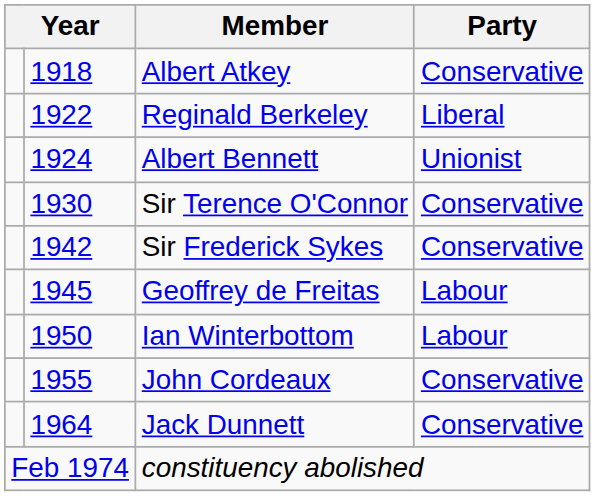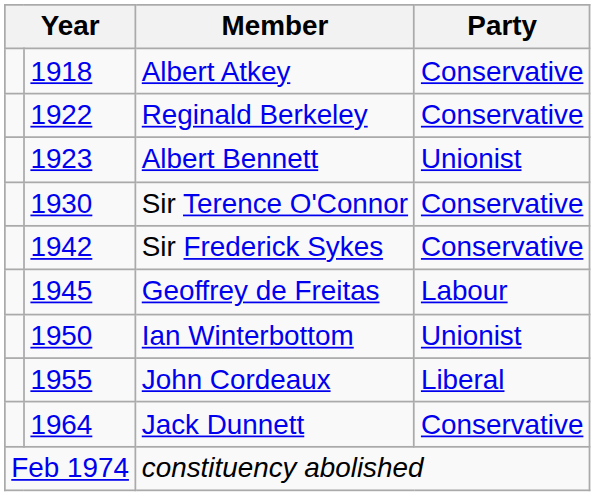 <table class="wikitable">
 <tr>
 <th colspan="2">Year</th>
 <th>Member</th>
 <th>Party</th>
 </tr>
 <tr>
 <td style="color:inherit;background-color: "></td>
 <td><a href='#'>1918</a></td>
 <td><a href='#'>Albert Atkey</a></td>
 <td><a href='#'>Conservative</a></td>
 </tr>
 <tr>
 <td style="color:inherit;background-color: "></td>
 <td><a href='#'>1922</a></td>
 <td><a href='#'>Reginald Berkeley</a></td>
-<td><a href='#'>Liberal</a></td>
+<td><a href='#'>Conservative</a></td>
 </tr>
 <tr>
 <td style="color:inherit;background-color: "></td>
-<td><a href='#'>1924</a></td>
+<td><a href='#'>1923</a></td>
 <td><a href='#'>Albert Bennett</a></td>
 <td><a href='#'>Unionist</a></td>
 </tr>
 <tr>
 <td style="color:inherit;background-color: "></td>
 <td><a href='#'>1930</a></td>
 <td>Sir <a href='#'>Terence O'Connor</a></td>
 <td><a href='#'>Conservative</a></td>
 </tr>
 <tr>
 <td style="color:inherit;background-color: "></td>
 <td><a href='#'>1942</a></td>
 <td>Sir <a href='#'>Frederick Sykes</a></td>
 <td><a href='#'>Conservative</a></td>
 </tr>
 <tr>
 <td style="color:inherit;background-color: "></td>
 <td><a href='#'>1945</a></td>
 <td><a href='#'>Geoffrey de Freitas</a></td>
 <td><a href='#'>Labour</a></td>
 </tr>
 <tr>
 <td style="color:inherit;background-color: "></td>
 <td><a href='#'>1950</a></td>
 <td><a href='#'>Ian Winterbottom</a></td>
-<td><a href='#'>Labour</a></td>
+<td><a href='#'>Unionist</a></td>
 </tr>
 <tr>
 <td style="color:inherit;background-color: "></td>
 <td><a href='#'>1955</a></td>
 <td><a href='#'>John Cordeaux</a></td>
-<td><a href='#'>Conservative</a></td>
+<td><a href='#'>Liberal</a></td>
 </tr>
 <tr>
 <td style="color:inherit;background-color: "></td>
 <td><a href='#'>1964</a></td>
 <td><a href='#'>Jack Dunnett</a></td>
 <td><a href='#'>Conservative</a></td>
 </tr>
 <tr>
 <td colspan="2" align="center"><a href='#'>Feb 1974</a></td>
 <td colspan="2"><em>constituency abolished</em></td>
 </tr>
 </table>
